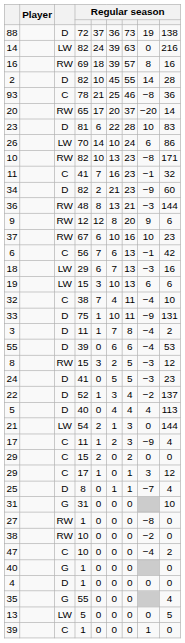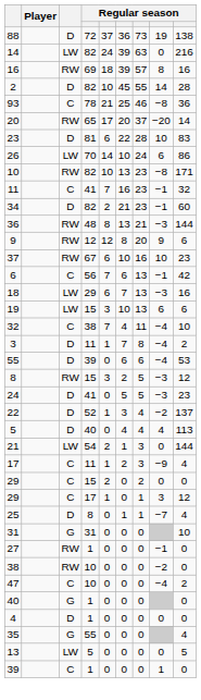 <table class="wikitable sortable plainrowheaders" style="text-align:center;">
 <tr>
 <th scope="col" data-sort-type="number" rowspan="2"></th>
 <th scope="col" rowspan="2">Player</th>
 <th scope="col" rowspan="2"></th>
 <th scope=colgroup colspan=6>Regular season</th>
 </tr>
 <tr>
 <th scope="col" data-sort-type="number"></th>
 <th scope="col" data-sort-type="number"></th>
 <th scope="col" data-sort-type="number"></th>
 <th scope="col" data-sort-type="number"></th>
 <th scope="col" data-sort-type="number"></th>
 <th scope="col" data-sort-type="number"></th>
 </tr>
 <tr>
 <td scope="row">88</td>
 <td align="left"></td>
 <td>D</td>
 <td>72</td>
 <td>37</td>
 <td>36</td>
 <td>73</td>
 <td>19</td>
 <td>138</td>
 </tr>
 <tr>
 <td scope="row">14</td>
 <td align="left"></td>
 <td>LW</td>
 <td>82</td>
 <td>24</td>
 <td>39</td>
 <td>63</td>
 <td>0</td>
 <td>216</td>
 </tr>
 <tr>
 <td scope="row">16</td>
 <td align="left"></td>
 <td>RW</td>
 <td>69</td>
 <td>18</td>
 <td>39</td>
 <td>57</td>
 <td>8</td>
 <td>16</td>
 </tr>
 <tr>
 <td scope="row">2</td>
 <td align="left"></td>
 <td>D</td>
 <td>82</td>
 <td>10</td>
 <td>45</td>
 <td>55</td>
 <td>14</td>
 <td>28</td>
 </tr>
 <tr>
 <td scope="row">93</td>
 <td align="left"></td>
 <td>C</td>
 <td>78</td>
 <td>21</td>
 <td>25</td>
 <td>46</td>
 <td>−8</td>
 <td>36</td>
 </tr>
 <tr>
 <td scope="row">20</td>
 <td align="left"></td>
 <td>RW</td>
 <td>65</td>
 <td>17</td>
 <td>20</td>
 <td>37</td>
 <td>−20</td>
 <td>14</td>
 </tr>
 <tr>
 <td scope="row">23</td>
 <td align="left"></td>
 <td>D</td>
 <td>81</td>
 <td>6</td>
 <td>22</td>
 <td>28</td>
 <td>10</td>
 <td>83</td>
 </tr>
 <tr>
 <td scope="row">26</td>
 <td align="left"></td>
 <td>LW</td>
 <td>70</td>
 <td>14</td>
 <td>10</td>
 <td>24</td>
 <td>6</td>
 <td>86</td>
 </tr>
 <tr>
 <td scope="row">10</td>
 <td align="left"></td>
 <td>RW</td>
 <td>82</td>
 <td>10</td>
 <td>13</td>
 <td>23</td>
 <td>−8</td>
 <td>171</td>
 </tr>
 <tr>
 <td scope="row">11</td>
 <td align="left"></td>
 <td>C</td>
 <td>41</td>
 <td>7</td>
 <td>16</td>
 <td>23</td>
 <td>−1</td>
 <td>32</td>
 </tr>
 <tr>
 <td scope="row">34</td>
 <td align="left"></td>
 <td>D</td>
 <td>82</td>
 <td>2</td>
 <td>21</td>
 <td>23</td>
-<td>−9</td>
+<td>−1</td>
 <td>60</td>
 </tr>
 <tr>
 <td scope="row">36</td>
 <td align="left"></td>
 <td>RW</td>
 <td>48</td>
 <td>8</td>
 <td>13</td>
 <td>21</td>
 <td>−3</td>
 <td>144</td>
 </tr>
 <tr>
 <td scope="row">9</td>
 <td align="left"></td>
 <td>RW</td>
 <td>12</td>
 <td>12</td>
 <td>8</td>
 <td>20</td>
 <td>9</td>
 <td>6</td>
 </tr>
 <tr>
 <td scope="row">37</td>
 <td align="left"></td>
 <td>RW</td>
 <td>67</td>
 <td>6</td>
 <td>10</td>
 <td>16</td>
 <td>10</td>
 <td>23</td>
 </tr>
 <tr>
 <td scope="row">6</td>
 <td align="left"></td>
 <td>C</td>
 <td>56</td>
 <td>7</td>
 <td>6</td>
 <td>13</td>
 <td>−1</td>
 <td>42</td>
 </tr>
 <tr>
 <td scope="row">18</td>
 <td align="left"></td>
 <td>LW</td>
 <td>29</td>
 <td>6</td>
 <td>7</td>
 <td>13</td>
 <td>−3</td>
 <td>16</td>
 </tr>
 <tr>
 <td scope="row">19</td>
 <td align="left"></td>
 <td>LW</td>
 <td>15</td>
 <td>3</td>
 <td>10</td>
 <td>13</td>
 <td>6</td>
 <td>6</td>
 </tr>
 <tr>
 <td scope="row">32</td>
 <td align="left"></td>
 <td>C</td>
 <td>38</td>
 <td>7</td>
 <td>4</td>
 <td>11</td>
 <td>−4</td>
 <td>10</td>
-</tr>
-<tr>
-<td scope="row">33</td>
-<td align="left"></td>
-<td>D</td>
-<td>75</td>
-<td>1</td>
-<td>10</td>
-<td>11</td>
-<td>−9</td>
-<td>131</td>
 </tr>
 <tr>
 <td scope="row">3</td>
 <td align="left"></td>
 <td>D</td>
 <td>11</td>
 <td>1</td>
 <td>7</td>
 <td>8</td>
 <td>−4</td>
 <td>2</td>
 </tr>
 <tr>
 <td scope="row">55</td>
 <td align="left"></td>
 <td>D</td>
 <td>39</td>
 <td>0</td>
 <td>6</td>
 <td>6</td>
 <td>−4</td>
 <td>53</td>
 </tr>
 <tr>
 <td scope="row">8</td>
 <td align="left"></td>
 <td>RW</td>
 <td>15</td>
 <td>3</td>
 <td>2</td>
 <td>5</td>
 <td>−3</td>
 <td>12</td>
 </tr>
 <tr>
 <td scope="row">24</td>
 <td align="left"></td>
 <td>D</td>
 <td>41</td>
 <td>0</td>
 <td>5</td>
 <td>5</td>
 <td>−3</td>
 <td>23</td>
 </tr>
 <tr>
 <td scope="row">22</td>
 <td align="left"></td>
 <td>D</td>
 <td>52</td>
 <td>1</td>
 <td>3</td>
 <td>4</td>
 <td>−2</td>
 <td>137</td>
 </tr>
 <tr>
 <td scope="row">5</td>
 <td align="left"></td>
 <td>D</td>
 <td>40</td>
 <td>0</td>
 <td>4</td>
 <td>4</td>
 <td>4</td>
 <td>113</td>
 </tr>
 <tr>
 <td scope="row">21</td>
 <td align="left"></td>
 <td>LW</td>
 <td>54</td>
 <td>2</td>
 <td>1</td>
 <td>3</td>
 <td>0</td>
 <td>144</td>
 </tr>
 <tr>
 <td scope="row">17</td>
 <td align="left"></td>
 <td>C</td>
 <td>11</td>
 <td>1</td>
 <td>2</td>
 <td>3</td>
 <td>−9</td>
 <td>4</td>
 </tr>
 <tr>
 <td scope="row">29</td>
 <td align="left"></td>
 <td>C</td>
 <td>15</td>
 <td>2</td>
 <td>0</td>
 <td>2</td>
 <td>0</td>
 <td>0</td>
 </tr>
 <tr>
 <td scope="row">29</td>
 <td align="left"></td>
 <td>C</td>
 <td>17</td>
 <td>1</td>
 <td>0</td>
 <td>1</td>
 <td>3</td>
 <td>12</td>
 </tr>
 <tr>
 <td scope="row">25</td>
 <td align="left"></td>
 <td>D</td>
 <td>8</td>
 <td>0</td>
 <td>1</td>
 <td>1</td>
 <td>−7</td>
 <td>4</td>
 </tr>
 <tr>
 <td scope="row">31</td>
 <td align="left"></td>
 <td>G</td>
 <td>31</td>
 <td>0</td>
 <td>0</td>
 <td>0</td>
 <td style="background:#ccc"></td>
 <td>10</td>
 </tr>
 <tr>
 <td scope="row">27</td>
 <td align="left"></td>
 <td>RW</td>
 <td>1</td>
 <td>0</td>
 <td>0</td>
 <td>0</td>
-<td>−8</td>
+<td>−1</td>
 <td>0</td>
 </tr>
 <tr>
 <td scope="row">38</td>
 <td align="left"></td>
 <td>RW</td>
 <td>10</td>
 <td>0</td>
 <td>0</td>
 <td>0</td>
 <td>−2</td>
 <td>0</td>
 </tr>
 <tr>
 <td scope="row">47</td>
 <td align="left"></td>
 <td>C</td>
 <td>10</td>
 <td>0</td>
 <td>0</td>
 <td>0</td>
 <td>−4</td>
 <td>2</td>
 </tr>
 <tr>
 <td scope="row">40</td>
 <td align="left"></td>
 <td>G</td>
 <td>1</td>
 <td>0</td>
 <td>0</td>
 <td>0</td>
 <td style="background:#ccc"></td>
 <td>0</td>
 </tr>
 <tr>
 <td scope="row">4</td>
 <td align="left"></td>
 <td>D</td>
 <td>1</td>
 <td>0</td>
 <td>0</td>
 <td>0</td>
 <td>0</td>
 <td>0</td>
 </tr>
 <tr>
 <td scope="row">35</td>
 <td align="left"></td>
 <td>G</td>
 <td>55</td>
 <td>0</td>
 <td>0</td>
 <td>0</td>
 <td style="background:#ccc"></td>
 <td>4</td>
 </tr>
 <tr>
 <td scope="row">13</td>
 <td align="left"></td>
 <td>LW</td>
 <td>5</td>
 <td>0</td>
 <td>0</td>
 <td>0</td>
 <td>0</td>
 <td>5</td>
 </tr>
 <tr>
 <td scope="row">39</td>
 <td align="left"></td>
 <td>C</td>
 <td>1</td>
 <td>0</td>
 <td>0</td>
 <td>0</td>
 <td>1</td>
 <td>0</td>
 </tr>
 </table>
